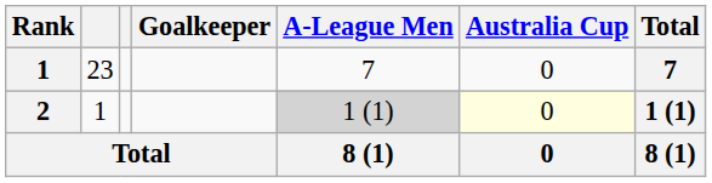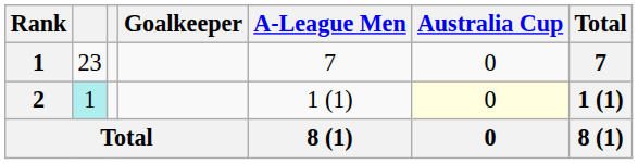 <table class="wikitable" style="text-align:center">
 <tr>
 <th>Rank</th>
 <th></th>
 <th></th>
 <th>Goalkeeper</th>
 <th><a href='#'>A-League Men</a></th>
 <th><a href='#'>Australia Cup</a></th>
 <th>Total</th>
 </tr>
 <tr>
 <th>1</th>
 <td>23</td>
 <td></td>
 <td align="left"></td>
 <td>7</td>
 <td>0</td>
 <th>7</th>
 </tr>
 <tr>
 <th>2</th>
-<td>1</td>
+<td style="background: paleturquoise;">1</td>
 <td></td>
 <td align="left"></td>
-<td style="background: lightgrey;">1 (1)</td>
+<td>1 (1)</td>
 <td style="background: lightyellow;">0</td>
 <th>1 (1)</th>
 </tr>
 <tr>
 <th colspan="4">Total</th>
 <th>8 (1)</th>
 <th>0</th>
 <th>8 (1)</th>
 </tr>
 </table>
